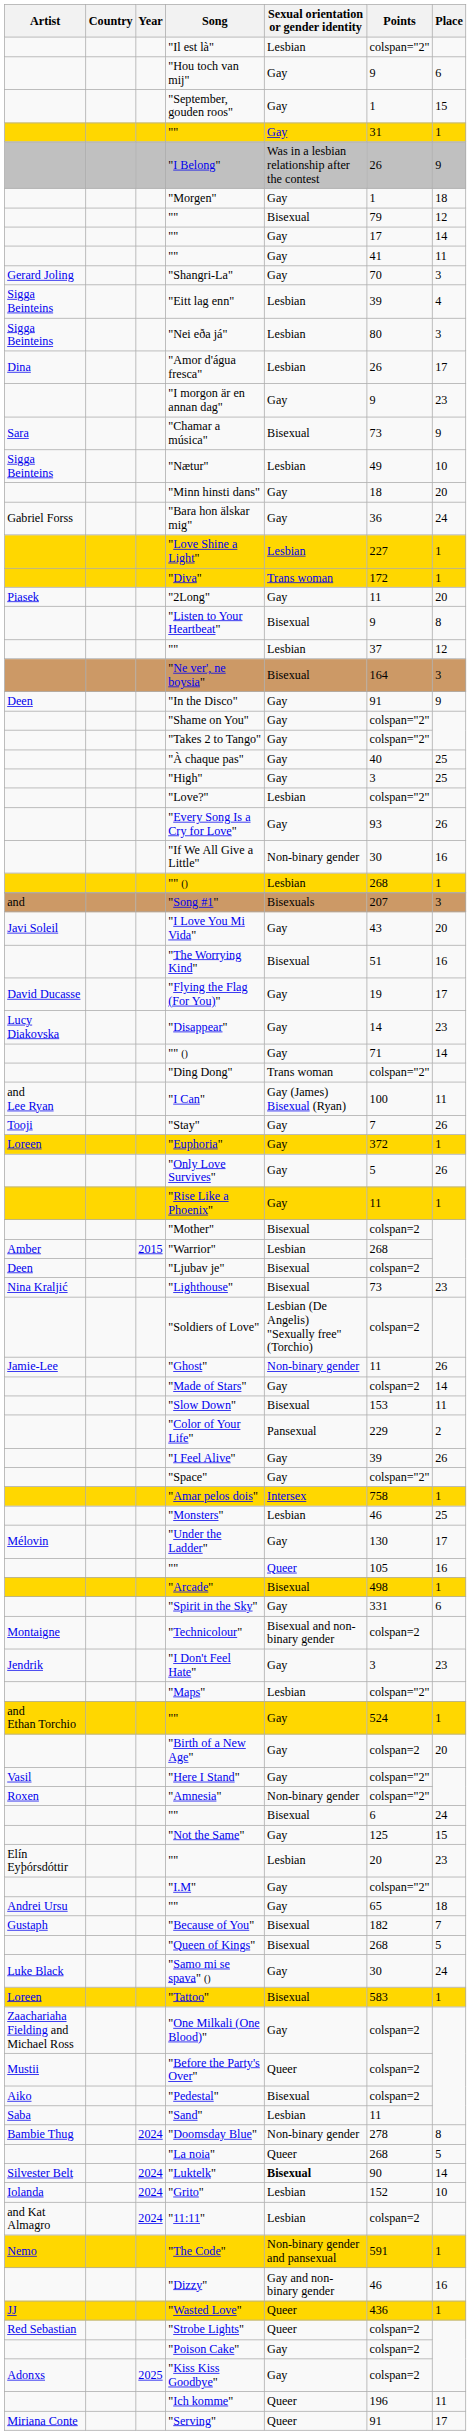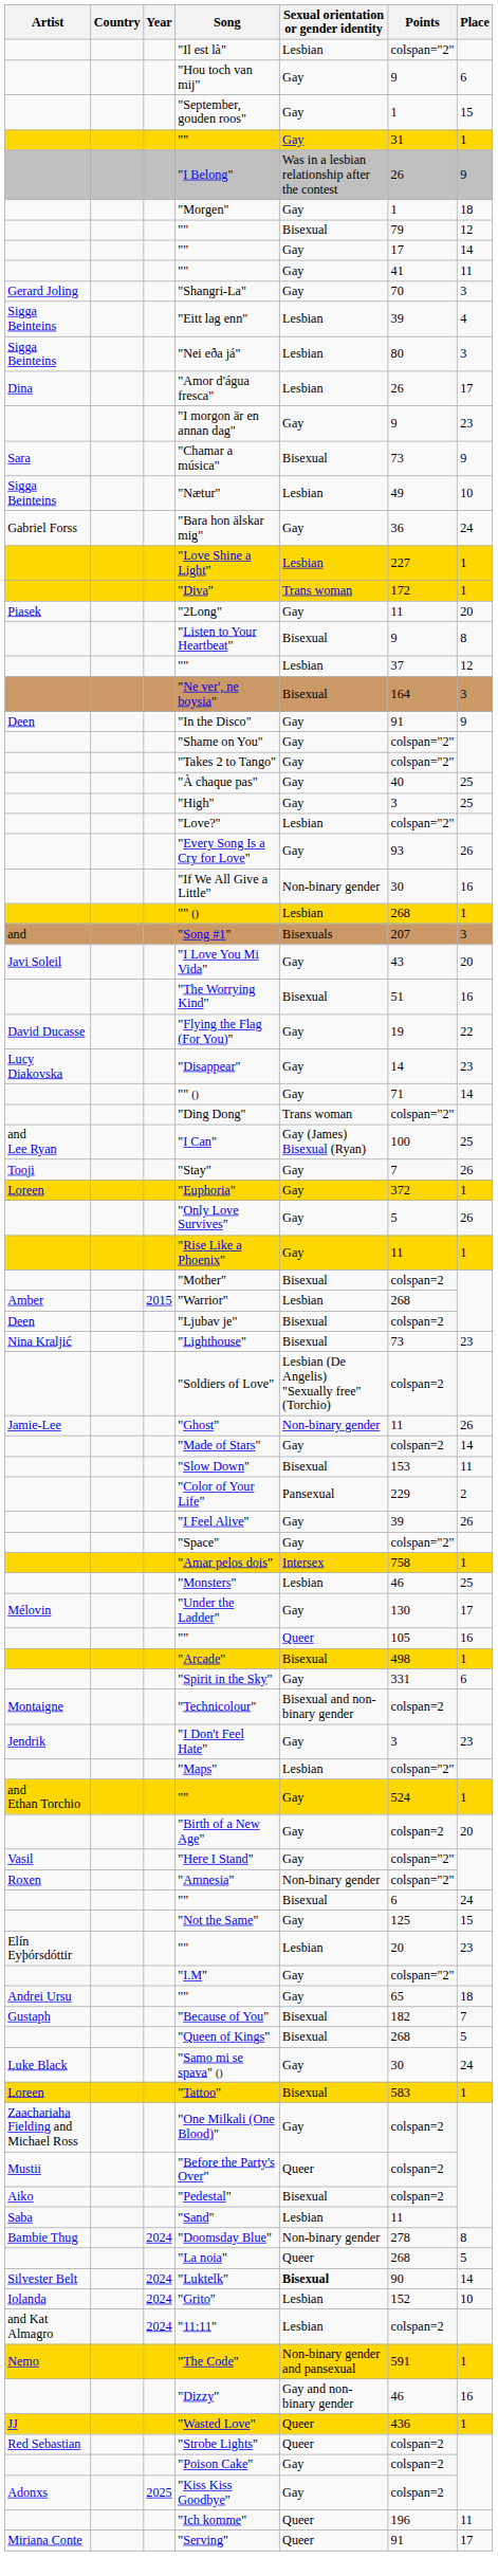 <table class="sortable wikitable plainrowheaders">
 <tr>
 <th scope="col">Artist</th>
 <th scope="col">Country</th>
 <th scope="col">Year</th>
 <th scope="col">Song</th>
 <th scope="col">Sexual orientation or gender identity</th>
 <th scope="col">Points</th>
 <th scope="col">Place</th>
 </tr>
 <tr>
 <td></td>
 <td></td>
 <td></td>
 <td>"Il est là"</td>
 <td>Lesbian</td>
 <td>colspan="2" </td>
 </tr>
 <tr>
 <td></td>
 <td></td>
 <td></td>
 <td>"Hou toch van mij"</td>
 <td>Gay</td>
 <td>9</td>
 <td>6</td>
 </tr>
 <tr>
 <td></td>
 <td></td>
 <td></td>
 <td>"September, gouden roos"</td>
 <td>Gay</td>
 <td>1</td>
 <td>15</td>
 </tr>
 <tr bgcolor=gold>
 <td></td>
 <td></td>
 <td></td>
 <td>""</td>
 <td><a href='#'>Gay</a></td>
 <td>31</td>
 <td>1</td>
 </tr>
 <tr style="background:silver;">
 <td></td>
 <td></td>
 <td></td>
 <td>"<a href='#'>I Belong</a>"</td>
 <td>Was in a lesbian relationship after the contest</td>
 <td>26</td>
 <td>9</td>
 </tr>
 <tr>
 <td></td>
 <td></td>
 <td></td>
 <td>"Morgen"</td>
 <td>Gay</td>
 <td>1</td>
 <td>18</td>
 </tr>
 <tr>
 <td></td>
 <td></td>
 <td></td>
 <td>""</td>
 <td>Bisexual</td>
 <td>79</td>
 <td>12</td>
 </tr>
 <tr>
 <td></td>
 <td></td>
 <td></td>
 <td>""</td>
 <td>Gay</td>
 <td>17</td>
 <td>14</td>
 </tr>
 <tr>
 <td></td>
 <td></td>
 <td></td>
 <td>""</td>
 <td>Gay</td>
 <td>41</td>
 <td>11</td>
 </tr>
 <tr>
 <td><a href='#'>Gerard Joling</a></td>
 <td></td>
 <td></td>
 <td>"Shangri-La"</td>
 <td>Gay</td>
 <td>70</td>
 <td>3</td>
 </tr>
 <tr>
 <td><a href='#'>Sigga Beinteins</a> </td>
 <td></td>
 <td></td>
 <td>"Eitt lag enn"</td>
 <td>Lesbian</td>
 <td>39</td>
 <td>4</td>
 </tr>
 <tr>
 <td><a href='#'>Sigga Beinteins</a> </td>
 <td></td>
 <td></td>
 <td>"Nei eða já"</td>
 <td>Lesbian</td>
 <td>80</td>
 <td>3</td>
 </tr>
 <tr>
 <td><a href='#'>Dina</a></td>
 <td></td>
 <td></td>
 <td>"Amor d'água fresca"</td>
 <td>Lesbian</td>
 <td>26</td>
 <td>17</td>
 </tr>
 <tr>
 <td></td>
 <td></td>
 <td></td>
 <td>"I morgon är en annan dag"</td>
 <td>Gay</td>
 <td>9</td>
 <td>23</td>
 </tr>
 <tr>
 <td><a href='#'>Sara</a></td>
 <td></td>
 <td></td>
 <td>"Chamar a música"</td>
 <td>Bisexual</td>
 <td>73</td>
 <td>9</td>
 </tr>
 <tr>
 <td><a href='#'>Sigga Beinteins</a></td>
 <td></td>
 <td></td>
 <td>"Nætur"</td>
 <td>Lesbian</td>
 <td>49</td>
 <td>10</td>
-</tr>
-<tr>
-<td></td>
-<td></td>
-<td></td>
-<td>"Minn hinsti dans"</td>
-<td>Gay</td>
-<td>18</td>
-<td>20</td>
 </tr>
 <tr>
 <td>Gabriel Forss</td>
 <td></td>
 <td></td>
 <td>"Bara hon älskar mig"</td>
 <td>Gay</td>
 <td>36</td>
 <td>24</td>
 </tr>
 <tr bgcolor=gold>
 <td></td>
 <td></td>
 <td></td>
 <td>"<a href='#'>Love Shine a Light</a>"</td>
 <td><a href='#'>Lesbian</a></td>
 <td>227</td>
 <td>1</td>
 </tr>
 <tr bgcolor=gold>
 <td></td>
 <td></td>
 <td></td>
 <td>"<a href='#'>Diva</a>"</td>
 <td><a href='#'>Trans woman</a></td>
 <td>172</td>
 <td>1</td>
 </tr>
 <tr>
 <td><a href='#'>Piasek</a></td>
 <td></td>
 <td></td>
 <td>"2Long"</td>
 <td>Gay</td>
 <td>11</td>
 <td>20</td>
 </tr>
 <tr>
 <td></td>
 <td></td>
 <td></td>
 <td>"<a href='#'>Listen to Your Heartbeat</a>"</td>
 <td>Bisexual</td>
 <td>9</td>
 <td>8</td>
 </tr>
 <tr>
 <td></td>
 <td></td>
 <td></td>
 <td>""</td>
 <td>Lesbian</td>
 <td>37</td>
 <td>12</td>
 </tr>
 <tr style="background:#cc9966;">
 <td></td>
 <td></td>
 <td></td>
 <td>"<a href='#'>Ne ver', ne boysia</a>"</td>
 <td>Bisexual</td>
 <td>164</td>
 <td>3</td>
 </tr>
 <tr>
 <td><a href='#'>Deen</a></td>
 <td></td>
 <td></td>
 <td>"In the Disco"</td>
 <td>Gay</td>
 <td>91</td>
 <td>9</td>
 </tr>
 <tr>
 <td></td>
 <td></td>
 <td></td>
 <td>"Shame on You"</td>
 <td>Gay</td>
 <td>colspan="2" </td>
 </tr>
 <tr>
 <td></td>
 <td></td>
 <td></td>
 <td>"Takes 2 to Tango"</td>
 <td>Gay</td>
 <td>colspan="2" </td>
 </tr>
 <tr>
 <td></td>
 <td></td>
 <td></td>
 <td>"À chaque pas"</td>
 <td>Gay</td>
 <td>40</td>
 <td>25</td>
 </tr>
 <tr>
 <td></td>
 <td></td>
 <td></td>
 <td>"High"</td>
 <td>Gay</td>
 <td>3</td>
 <td>25</td>
 </tr>
 <tr>
 <td></td>
 <td></td>
 <td></td>
 <td>"Love?"</td>
 <td>Lesbian</td>
 <td>colspan="2" </td>
 </tr>
 <tr>
 <td></td>
 <td></td>
 <td></td>
 <td>"<a href='#'>Every Song Is a Cry for Love</a>"</td>
 <td>Gay</td>
 <td>93</td>
 <td>26</td>
 </tr>
 <tr>
 <td></td>
 <td></td>
 <td></td>
 <td>"If We All Give a Little"</td>
 <td>Non-binary gender</td>
 <td>30</td>
 <td>16</td>
 </tr>
 <tr bgcolor=gold>
 <td></td>
 <td></td>
 <td></td>
 <td>"" <small>()</small></td>
 <td>Lesbian</td>
 <td>268</td>
 <td>1</td>
 </tr>
 <tr>
 </tr>
 <tr style="background:#cc9966;">
 <td> and<br></td>
 <td></td>
 <td></td>
 <td>"<a href='#'>Song #1</a>"</td>
 <td>Bisexuals</td>
 <td>207</td>
 <td>3</td>
 </tr>
 <tr>
 <td><a href='#'>Javi Soleil</a></td>
 <td></td>
 <td></td>
 <td>"<a href='#'>I Love You Mi Vida</a>"</td>
 <td>Gay</td>
 <td>43</td>
 <td>20</td>
 </tr>
 <tr>
 <td></td>
 <td></td>
 <td></td>
 <td>"<a href='#'>The Worrying Kind</a>"</td>
 <td>Bisexual</td>
 <td>51</td>
 <td>16</td>
 </tr>
 <tr>
 <td><a href='#'>David Ducasse</a></td>
 <td></td>
 <td></td>
 <td>"<a href='#'>Flying the Flag (For You)</a>"</td>
 <td>Gay</td>
 <td>19</td>
-<td>17</td>
+<td>22</td>
 </tr>
 <tr>
 <td><a href='#'>Lucy Diakovska</a></td>
 <td></td>
 <td></td>
 <td>"<a href='#'>Disappear</a>"</td>
 <td>Gay</td>
 <td>14</td>
 <td>23</td>
 </tr>
 <tr>
 <td></td>
 <td></td>
 <td></td>
 <td>"" <small>()</small></td>
 <td>Gay</td>
 <td>71</td>
 <td>14</td>
 </tr>
 <tr>
 <td></td>
 <td></td>
 <td></td>
 <td>"Ding Dong"</td>
 <td>Trans woman</td>
 <td>colspan="2" </td>
 </tr>
 <tr>
 <td> and<br> <a href='#'>Lee Ryan</a></td>
 <td></td>
 <td></td>
 <td>"<a href='#'>I Can</a>"</td>
 <td>Gay (James)<br><a href='#'>Bisexual</a> (Ryan)</td>
 <td>100</td>
-<td>11</td>
+<td>25</td>
 </tr>
 <tr>
 <td><a href='#'>Tooji</a></td>
 <td></td>
 <td></td>
 <td>"Stay"</td>
 <td>Gay</td>
 <td>7</td>
 <td>26</td>
 </tr>
 <tr bgcolor=gold>
 <td><a href='#'>Loreen</a></td>
 <td></td>
 <td></td>
 <td>"<a href='#'>Euphoria</a>"</td>
 <td>Gay</td>
 <td>372</td>
 <td>1</td>
 </tr>
 <tr>
 <td></td>
 <td></td>
 <td></td>
 <td>"<a href='#'>Only Love Survives</a>"</td>
 <td>Gay</td>
 <td>5</td>
 <td>26</td>
 </tr>
 <tr bgcolor=gold>
 <td></td>
 <td></td>
 <td></td>
 <td>"<a href='#'>Rise Like a Phoenix</a>"</td>
 <td>Gay</td>
 <td>11</td>
 <td>1</td>
 </tr>
 <tr>
 <td></td>
 <td></td>
 <td></td>
 <td>"Mother"</td>
 <td>Bisexual</td>
 <td>colspan=2 </td>
 </tr>
 <tr>
 <td><a href='#'>Amber</a></td>
 <td></td>
 <td><a href='#'>2015</a></td>
 <td>"Warrior"</td>
 <td>Lesbian</td>
 <td>268</td>
 </tr>
 <tr>
 <td><a href='#'>Deen</a></td>
 <td></td>
 <td></td>
 <td>"Ljubav je"</td>
 <td>Bisexual</td>
 <td>colspan=2 </td>
 </tr>
 <tr>
 <td><a href='#'>Nina Kraljić</a></td>
 <td></td>
 <td></td>
 <td>"<a href='#'>Lighthouse</a>"</td>
 <td>Bisexual</td>
 <td>73</td>
 <td>23</td>
 </tr>
 <tr>
 <td></td>
 <td></td>
 <td></td>
 <td>"Soldiers of Love"</td>
 <td>Lesbian (De Angelis) <br> "Sexually free" (Torchio)</td>
 <td>colspan=2 </td>
 </tr>
 <tr>
 <td><a href='#'>Jamie-Lee</a></td>
 <td></td>
 <td></td>
 <td>"<a href='#'>Ghost</a>"</td>
 <td><a href='#'>Non-binary gender</a></td>
 <td>11</td>
 <td>26</td>
 </tr>
 <tr>
 <td></td>
 <td></td>
 <td></td>
 <td>"<a href='#'>Made of Stars</a>"</td>
 <td>Gay</td>
 <td>colspan=2 </td>
 <td>14</td>
 </tr>
 <tr>
 <td></td>
 <td></td>
 <td></td>
 <td>"<a href='#'>Slow Down</a>"</td>
 <td>Bisexual</td>
 <td>153</td>
 <td>11</td>
 </tr>
 <tr>
 <td></td>
 <td></td>
 <td></td>
 <td>"<a href='#'>Color of Your Life</a>"</td>
 <td>Pansexual</td>
 <td>229</td>
 <td>2</td>
 </tr>
 <tr>
 <td></td>
 <td></td>
 <td></td>
 <td>"<a href='#'>I Feel Alive</a>"</td>
 <td>Gay</td>
 <td>39</td>
 <td>26</td>
 </tr>
 <tr>
 <td></td>
 <td></td>
 <td></td>
 <td>"Space"</td>
 <td>Gay</td>
 <td>colspan="2"</td>
 </tr>
 <tr bgcolor=gold>
 <td></td>
 <td></td>
 <td></td>
 <td>"<a href='#'>Amar pelos dois</a>"</td>
 <td><a href='#'>Intersex</a></td>
 <td>758</td>
 <td>1</td>
 </tr>
 <tr>
 <td></td>
 <td></td>
 <td></td>
 <td>"<a href='#'>Monsters</a>"</td>
 <td>Lesbian</td>
 <td>46</td>
 <td>25</td>
 </tr>
 <tr>
 <td><a href='#'>Mélovin</a></td>
 <td></td>
 <td></td>
 <td>"<a href='#'>Under the Ladder</a>"</td>
 <td>Gay</td>
 <td>130</td>
 <td>17</td>
 </tr>
 <tr>
 <td></td>
 <td></td>
 <td></td>
 <td>""</td>
 <td><a href='#'>Queer</a></td>
 <td>105</td>
 <td>16</td>
 </tr>
 <tr bgcolor=gold>
 <td></td>
 <td></td>
 <td></td>
 <td>"<a href='#'>Arcade</a>"</td>
 <td>Bisexual</td>
 <td>498</td>
 <td>1</td>
 </tr>
 <tr>
 <td></td>
 <td></td>
 <td></td>
 <td>"<a href='#'>Spirit in the Sky</a>"</td>
 <td>Gay</td>
 <td>331</td>
 <td>6</td>
 </tr>
 <tr>
 <td><a href='#'>Montaigne</a></td>
 <td></td>
 <td></td>
 <td>"<a href='#'>Technicolour</a>"</td>
 <td>Bisexual and non-binary gender</td>
 <td>colspan=2 </td>
 </tr>
 <tr>
 <td><a href='#'>Jendrik</a></td>
 <td></td>
 <td></td>
 <td>"<a href='#'>I Don't Feel Hate</a>"</td>
 <td>Gay</td>
 <td>3</td>
 <td>23</td>
 </tr>
 <tr>
 <td></td>
 <td></td>
 <td></td>
 <td>"<a href='#'>Maps</a>"</td>
 <td>Lesbian</td>
 <td>colspan="2" </td>
 </tr>
 <tr bgcolor=gold>
 <td> and <br>Ethan Torchio</td>
 <td></td>
 <td></td>
 <td>""</td>
 <td>Gay</td>
 <td>524</td>
 <td>1</td>
 </tr>
 <tr>
 <td></td>
 <td></td>
 <td></td>
 <td>"<a href='#'>Birth of a New Age</a>"</td>
 <td>Gay</td>
 <td>colspan=2 </td>
 <td>20</td>
 </tr>
 <tr>
 <td><a href='#'>Vasil</a></td>
 <td></td>
 <td></td>
 <td>"<a href='#'>Here I Stand</a>"</td>
 <td>Gay</td>
 <td>colspan="2" </td>
 </tr>
 <tr>
 <td><a href='#'>Roxen</a></td>
 <td></td>
 <td></td>
 <td>"<a href='#'>Amnesia</a>"</td>
 <td>Non-binary gender</td>
 <td>colspan="2" </td>
 </tr>
 <tr>
 <td></td>
 <td></td>
 <td></td>
 <td>""</td>
 <td>Bisexual</td>
 <td>6</td>
 <td>24</td>
 </tr>
 <tr>
 <td></td>
 <td></td>
 <td></td>
 <td>"<a href='#'>Not the Same</a>"</td>
 <td>Gay</td>
 <td>125</td>
 <td>15</td>
 </tr>
 <tr>
 <td>Elín Eyþórsdóttir</td>
 <td></td>
 <td></td>
 <td>""</td>
 <td>Lesbian</td>
 <td>20</td>
 <td>23</td>
 </tr>
 <tr>
 <td></td>
 <td></td>
 <td></td>
 <td>"<a href='#'>I.M</a>"</td>
 <td>Gay</td>
 <td>colspan="2" </td>
 </tr>
 <tr>
 <td><a href='#'>Andrei Ursu</a></td>
 <td></td>
 <td></td>
 <td>""</td>
 <td>Gay</td>
 <td>65</td>
 <td>18</td>
 </tr>
 <tr>
 <td><a href='#'>Gustaph</a></td>
 <td></td>
 <td></td>
 <td>"<a href='#'>Because of You</a>"</td>
 <td>Bisexual</td>
 <td>182</td>
 <td>7</td>
 </tr>
 <tr>
 <td></td>
 <td></td>
 <td></td>
 <td>"<a href='#'>Queen of Kings</a>"</td>
 <td>Bisexual</td>
 <td>268</td>
 <td>5</td>
 </tr>
 <tr>
 <td><a href='#'>Luke Black</a></td>
 <td></td>
 <td></td>
 <td>"<a href='#'>Samo mi se spava</a>" <small>()</small></td>
 <td>Gay</td>
 <td>30</td>
 <td>24</td>
 </tr>
 <tr bgcolor=gold>
 <td><a href='#'>Loreen</a></td>
 <td></td>
 <td></td>
 <td>"<a href='#'>Tattoo</a>"</td>
 <td>Bisexual</td>
 <td>583</td>
 <td>1</td>
 </tr>
 <tr>
 <td><a href='#'>Zaachariaha Fielding</a> and<br>Michael Ross</td>
 <td></td>
 <td></td>
 <td>"<a href='#'>One Milkali (One Blood)</a>"</td>
 <td>Gay</td>
 <td>colspan=2 </td>
 </tr>
 <tr>
 <td><a href='#'>Mustii</a></td>
 <td></td>
 <td></td>
 <td>"<a href='#'>Before the Party's Over</a>"</td>
 <td>Queer</td>
 <td>colspan=2 </td>
 </tr>
 <tr>
 <td><a href='#'>Aiko</a></td>
 <td></td>
 <td></td>
 <td>"<a href='#'>Pedestal</a>"</td>
 <td>Bisexual</td>
 <td>colspan=2 </td>
 </tr>
 <tr>
 <td><a href='#'>Saba</a></td>
 <td></td>
 <td></td>
 <td>"<a href='#'>Sand</a>"</td>
 <td>Lesbian</td>
 <td>11</td>
 </tr>
 <tr>
 <td><a href='#'>Bambie Thug</a></td>
 <td></td>
 <td><a href='#'>2024</a></td>
 <td>"<a href='#'>Doomsday Blue</a>"</td>
 <td>Non-binary gender</td>
 <td>278</td>
 <td>8</td>
 </tr>
 <tr>
 <td></td>
 <td></td>
 <td></td>
 <td>"<a href='#'>La noia</a>"</td>
 <td>Queer</td>
 <td>268</td>
 <td>5</td>
 </tr>
 <tr>
 <td><a href='#'>Silvester Belt</a></td>
 <td></td>
 <td><a href='#'>2024</a></td>
 <td>"<a href='#'>Luktelk</a>"</td>
 <td><strong>Bisexual</strong></td>
 <td>90</td>
 <td>14</td>
 </tr>
 <tr>
 <td><a href='#'>Iolanda</a></td>
 <td></td>
 <td><a href='#'>2024</a></td>
 <td>"<a href='#'>Grito</a>"</td>
 <td>Lesbian</td>
 <td>152</td>
 <td>10</td>
 </tr>
 <tr>
 <td> and Kat Almagro</td>
 <td></td>
 <td><a href='#'>2024</a></td>
 <td>"<a href='#'>11:11</a>"</td>
 <td>Lesbian</td>
 <td>colspan=2 </td>
 </tr>
 <tr bgcolor=gold>
 <td><a href='#'>Nemo</a></td>
 <td></td>
 <td></td>
 <td>"<a href='#'>The Code</a>"</td>
 <td>Non-binary gender and pansexual</td>
 <td>591</td>
 <td>1</td>
 </tr>
 <tr>
 <td></td>
 <td></td>
 <td></td>
 <td>"<a href='#'>Dizzy</a>"</td>
 <td>Gay and non-binary gender</td>
 <td>46</td>
 <td>16</td>
 </tr>
 <tr bgcolor=gold>
 <td><a href='#'>JJ</a></td>
 <td></td>
 <td></td>
 <td>"<a href='#'>Wasted Love</a>"</td>
 <td>Queer</td>
 <td>436</td>
 <td>1</td>
 </tr>
 <tr>
 <td><a href='#'>Red Sebastian</a></td>
 <td></td>
 <td></td>
 <td>"<a href='#'>Strobe Lights</a>"</td>
 <td>Queer</td>
 <td>colspan=2 </td>
 </tr>
 <tr>
 <td></td>
 <td></td>
 <td></td>
 <td>"<a href='#'>Poison Cake</a>"</td>
 <td>Gay</td>
 <td>colspan=2 </td>
 </tr>
 <tr>
 <td><a href='#'>Adonxs</a></td>
 <td></td>
 <td><a href='#'>2025</a></td>
 <td>"<a href='#'>Kiss Kiss Goodbye</a>"</td>
 <td>Gay</td>
 <td>colspan=2 </td>
 </tr>
 <tr>
 <td></td>
 <td></td>
 <td></td>
 <td>"<a href='#'>Ich komme</a>"</td>
 <td>Queer</td>
 <td>196</td>
 <td>11</td>
 </tr>
 <tr>
 <td><a href='#'>Miriana Conte</a></td>
 <td></td>
 <td></td>
 <td>"<a href='#'>Serving</a>"</td>
 <td>Queer</td>
 <td>91</td>
 <td>17</td>
 </tr>
 </table>
